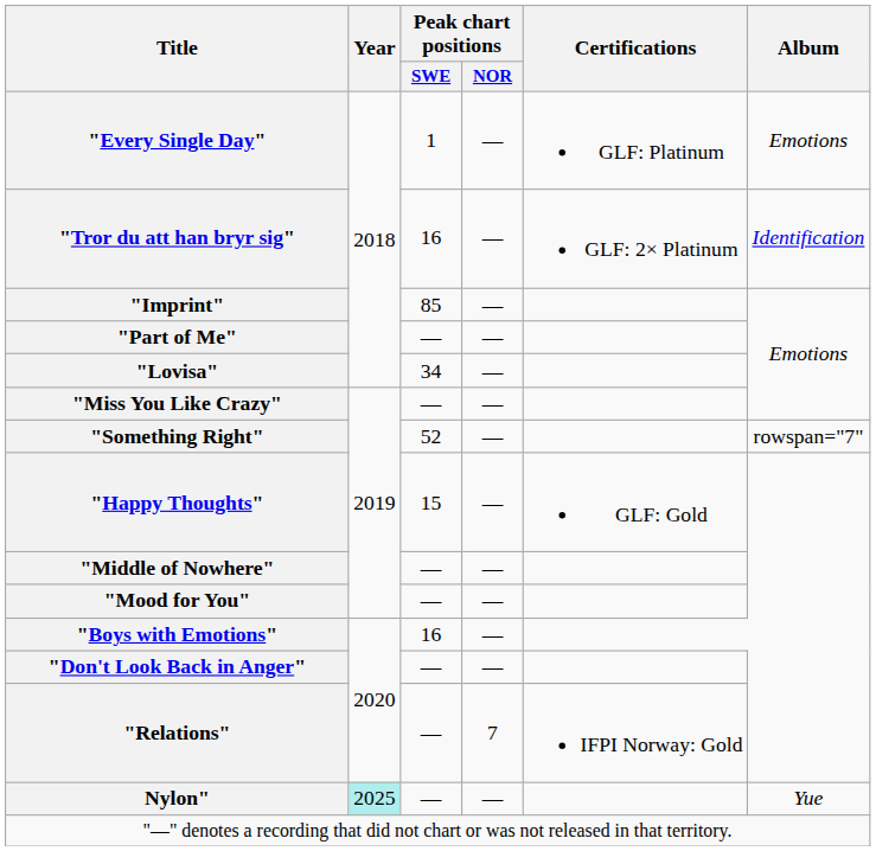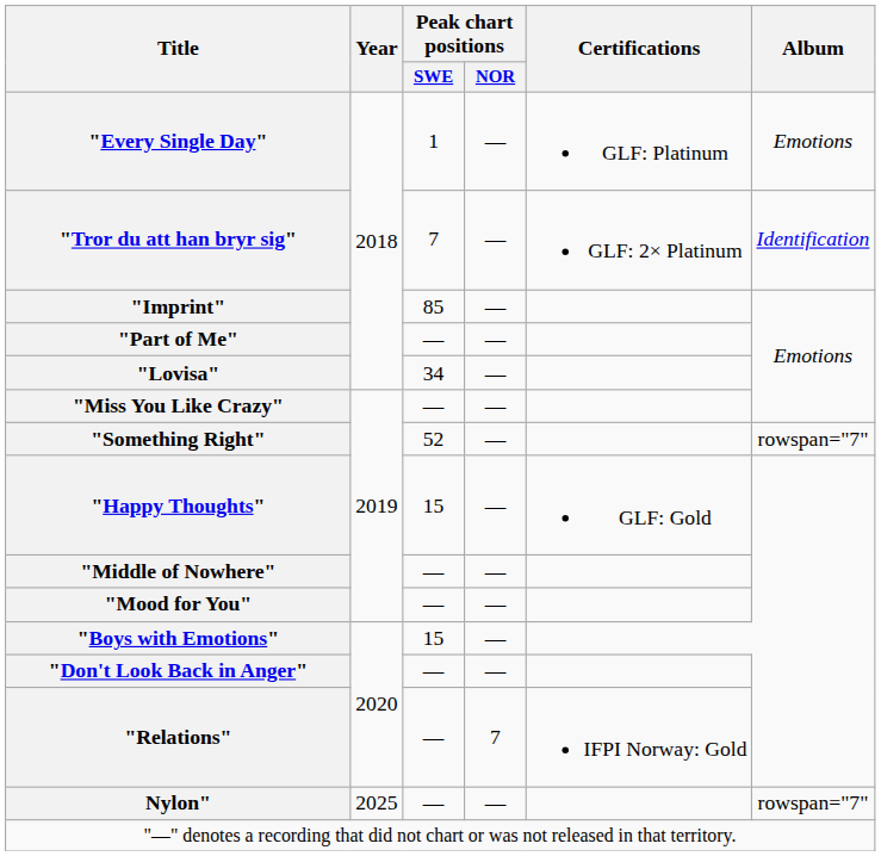 <table class="wikitable plainrowheaders" style="text-align:center;">
 <tr>
 <th scope="col" rowspan="2" style="width:16em;">Title</th>
 <th scope="col" rowspan="2" style="width:1em;">Year</th>
 <th scope="col" colspan="2">Peak chart positions</th>
 <th scope="col" rowspan="2">Certifications</th>
 <th scope="col" rowspan="2">Album</th>
 </tr>
 <tr>
 <th scope="col" style="width:3em;font-size:85%;"><a href='#'>SWE</a><br></th>
 <th scope="col" style="width:3em;font-size:85%;"><a href='#'>NOR</a><br></th>
 </tr>
 <tr>
 <th scope="row">"<a href='#'>Every Single Day</a>"</th>
 <td rowspan="5">2018</td>
 <td>1</td>
 <td>—</td>
 <td><br><ul><li>GLF: Platinum</li></ul></td>
 <td><em>Emotions</em></td>
 </tr>
 <tr>
 <th scope="row">"<a href='#'>Tror du att han bryr sig</a>"<br></th>
-<td>16</td>
+<td>7</td>
 <td>—</td>
 <td><br><ul><li>GLF: 2× Platinum</li></ul></td>
 <td><em><a href='#'>Identification</a></em></td>
 </tr>
 <tr>
 <th scope="row">"Imprint"</th>
 <td>85</td>
 <td>—</td>
 <td></td>
 <td rowspan="4"><em>Emotions</em></td>
 </tr>
 <tr>
 <th scope="row">"Part of Me"</th>
 <td>—</td>
 <td>—</td>
 <td></td>
 </tr>
 <tr>
 <th scope="row">"Lovisa"</th>
 <td>34</td>
 <td>—</td>
 <td></td>
 </tr>
 <tr>
 <th scope="row">"Miss You Like Crazy"</th>
 <td rowspan="5">2019</td>
 <td>—</td>
 <td>—</td>
 </tr>
 <tr>
 <th scope="row">"Something Right"</th>
 <td>52</td>
 <td>—</td>
 <td></td>
 <td>rowspan="7" </td>
 </tr>
 <tr>
 <th scope="row">"<a href='#'>Happy Thoughts</a>"<br></th>
 <td>15</td>
 <td>—</td>
 <td><br><ul><li>GLF: Gold</li></ul></td>
 </tr>
 <tr>
 <th scope="row">"Middle of Nowhere"</th>
 <td>—</td>
 <td>—</td>
 <td></td>
 </tr>
 <tr>
 <th scope="row">"Mood for You"</th>
 <td>—</td>
 <td>—</td>
 <td></td>
 </tr>
 <tr>
 <th scope="row">"<a href='#'>Boys with Emotions</a>"</th>
 <td rowspan="3">2020</td>
-<td>16</td>
+<td>15</td>
 <td>—</td>
 </tr>
 <tr>
 <th scope="row">"<a href='#'>Don't Look Back in Anger</a>"</th>
 <td>—</td>
 <td>—</td>
 <td></td>
 </tr>
 <tr>
 <th scope="row">"Relations"<br></th>
 <td>—</td>
 <td>7</td>
 <td><br><ul><li>IFPI Norway: Gold</li></ul></td>
 </tr>
 <tr>
 <th scope="row">Nylon"</th>
-<td style="background: paleturquoise;">2025</td>
+<td>2025</td>
 <td>—</td>
 <td>—</td>
 <td></td>
-<td><em>Yue</em></td>
+<td>rowspan="7" </td>
 </tr>
 <tr>
 <td colspan="6" style="font-size:90%">"—" denotes a recording that did not chart or was not released in that territory.</td>
 </tr>
 </table>
